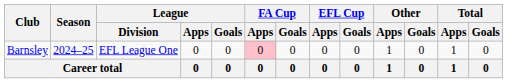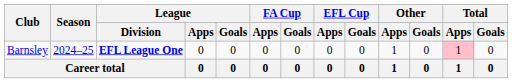 <table class="wikitable" style="text-align:center;">
 <tr>
 <th rowspan="2">Club</th>
 <th rowspan="2">Season</th>
 <th colspan="3">League</th>
 <th colspan="2"><a href='#'>FA Cup</a></th>
 <th colspan="2"><a href='#'>EFL Cup</a></th>
 <th colspan="2">Other</th>
 <th colspan="2">Total</th>
 </tr>
 <tr>
 <th>Division</th>
 <th>Apps</th>
 <th>Goals</th>
 <th>Apps</th>
 <th>Goals</th>
 <th>Apps</th>
 <th>Goals</th>
 <th>Apps</th>
 <th>Goals</th>
 <th>Apps</th>
 <th>Goals</th>
 </tr>
 <tr>
 <td><a href='#'>Barnsley</a></td>
 <td><a href='#'>2024–25</a></td>
-<td><a href='#'>EFL League One</a></td>
+<td><strong><a href='#'>EFL League One</a></strong></td>
 <td>0</td>
 <td>0</td>
-<td style="background: pink;">0</td>
+<td>0</td>
 <td>0</td>
 <td>0</td>
 <td>0</td>
 <td>1</td>
 <td>0</td>
-<td>1</td>
+<td style="background: pink;">1</td>
 <td>0</td>
 </tr>
 <tr>
 <th colspan="3">Career total</th>
 <th>0</th>
 <th>0</th>
 <th>0</th>
 <th>0</th>
 <th>0</th>
 <th>0</th>
 <th>1</th>
 <th>0</th>
 <th>1</th>
 <th>0</th>
 </tr>
 </table>
